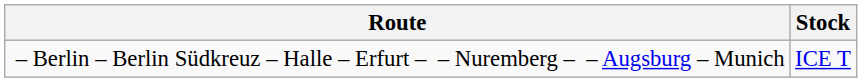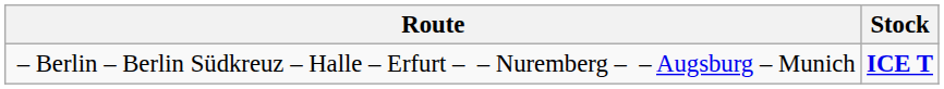 <table class="wikitable">
 <tr>
 <th>Route</th>
 <th>Stock</th>
 </tr>
 <tr>
 <td> – Berlin – Berlin Südkreuz – Halle – Erfurt –  – Nuremberg –  – <a href='#'>Augsburg</a> – Munich</td>
-<td align=center><a href='#'>ICE T</a></td>
+<td align=center><strong><a href='#'>ICE T</a></strong></td>
 </tr>
 </table>
